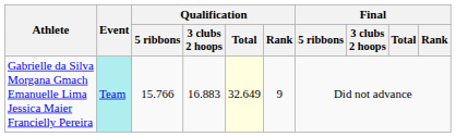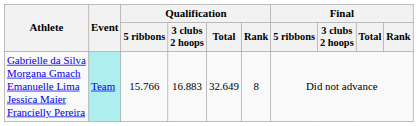 <table class="wikitable" style="font-size:90%">
 <tr>
 <th rowspan="2">Athlete</th>
 <th rowspan="2">Event</th>
 <th colspan="4">Qualification</th>
 <th colspan="4">Final</th>
 </tr>
 <tr style="font-size:95%">
 <th>5 ribbons</th>
 <th>3 clubs<br>2 hoops</th>
 <th>Total</th>
 <th>Rank</th>
 <th>5 ribbons</th>
 <th>3 clubs<br>2 hoops</th>
 <th>Total</th>
 <th>Rank</th>
 </tr>
 <tr align=center>
 <td align=left><a href='#'>Gabrielle da Silva</a><br><a href='#'>Morgana Gmach</a><br><a href='#'>Emanuelle Lima</a><br><a href='#'>Jessica Maier</a><br><a href='#'>Francielly Pereira</a></td>
 <td align=left style="background: paleturquoise;"><a href='#'>Team</a></td>
 <td>15.766</td>
 <td>16.883</td>
-<td style="background: lightyellow;">32.649</td>
-<td>9</td>
+<td>32.649</td>
+<td>8</td>
 <td colspan=4>Did not advance</td>
 </tr>
 </table>
